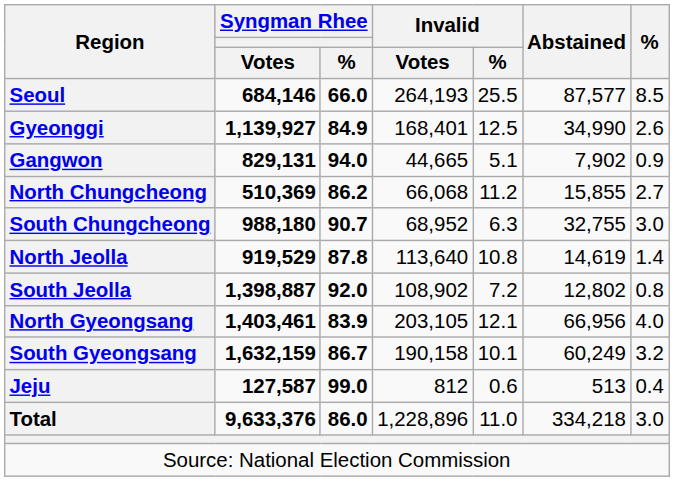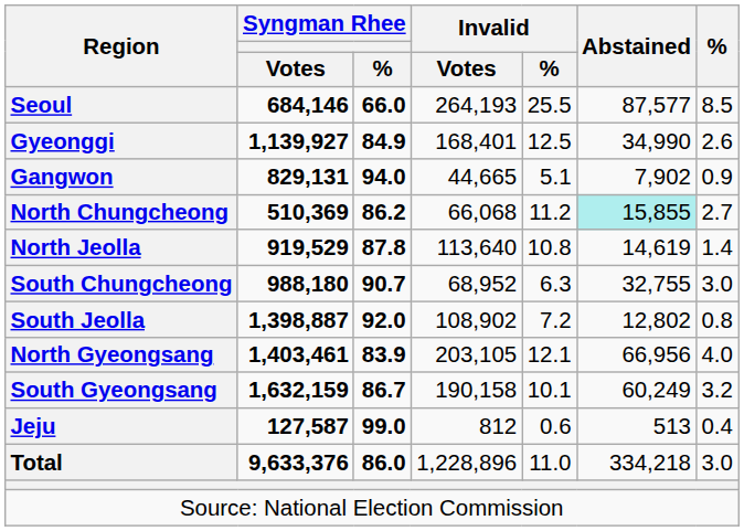 <table class="wikitable unsortable" style="text-align:center; font-size: 0.9em;">
 <tr>
 <th rowspan="3">Region</th>
 <th colspan="2"><a href='#'>Syngman Rhee</a></th>
 <th colspan="2" rowspan="2">Invalid</th>
 <th rowspan="3">Abstained</th>
 <th rowspan="3">%</th>
 </tr>
 <tr>
 <th colspan="2" style="background:"></th>
 </tr>
 <tr>
 <th>Votes</th>
 <th>%</th>
 <th>Votes</th>
 <th>%</th>
 </tr>
 <tr>
 <th style="text-align: left;"><a href='#'>Seoul</a></th>
 <td align="right"><strong>684,146</strong></td>
 <td align="right"><strong>66.0</strong></td>
 <td align="right">264,193</td>
 <td align="right">25.5</td>
 <td align="right">87,577</td>
 <td align="right">8.5</td>
 </tr>
 <tr>
 <th style="text-align: left;"><a href='#'>Gyeonggi</a></th>
 <td align="right"><strong>1,139,927</strong></td>
 <td align="right"><strong>84.9</strong></td>
 <td align="right">168,401</td>
 <td align="right">12.5</td>
 <td align="right">34,990</td>
 <td align="right">2.6</td>
 </tr>
 <tr>
 <th style="text-align: left;"><a href='#'>Gangwon</a></th>
 <td align="right"><strong>829,131</strong></td>
 <td align="right"><strong>94.0</strong></td>
 <td align="right">44,665</td>
 <td align="right">5.1</td>
 <td align="right">7,902</td>
 <td align="right">0.9</td>
 </tr>
 <tr>
 <th style="text-align: left;"><a href='#'>North Chungcheong</a></th>
 <td align="right"><strong>510,369</strong></td>
 <td align="right"><strong>86.2</strong></td>
 <td align="right">66,068</td>
 <td align="right">11.2</td>
-<td align="right">15,855</td>
+<td align="right" style="background: paleturquoise;">15,855</td>
 <td align="right">2.7</td>
+</tr>
+<tr>
+<th style="text-align: left;"><a href='#'>North Jeolla</a></th>
+<td align="right"><strong>919,529</strong></td>
+<td align="right"><strong>87.8</strong></td>
+<td align="right">113,640</td>
+<td align="right">10.8</td>
+<td align="right">14,619</td>
+<td align="right">1.4</td>
 </tr>
 <tr>
 <th style="text-align: left;"><a href='#'>South Chungcheong</a></th>
 <td align="right"><strong>988,180</strong></td>
 <td align="right"><strong>90.7</strong></td>
 <td align="right">68,952</td>
 <td align="right">6.3</td>
 <td align="right">32,755</td>
 <td align="right">3.0</td>
-</tr>
-<tr>
-<th style="text-align: left;"><a href='#'>North Jeolla</a></th>
-<td align="right"><strong>919,529</strong></td>
-<td align="right"><strong>87.8</strong></td>
-<td align="right">113,640</td>
-<td align="right">10.8</td>
-<td align="right">14,619</td>
-<td align="right">1.4</td>
 </tr>
 <tr>
 <th style="text-align: left;"><a href='#'>South Jeolla</a></th>
 <td align="right"><strong>1,398,887</strong></td>
 <td align="right"><strong>92.0</strong></td>
 <td align="right">108,902</td>
 <td align="right">7.2</td>
 <td align="right">12,802</td>
 <td align="right">0.8</td>
 </tr>
 <tr>
 <th style="text-align: left;"><a href='#'>North Gyeongsang</a></th>
 <td align="right"><strong>1,403,461</strong></td>
 <td align="right"><strong>83.9</strong></td>
 <td align="right">203,105</td>
 <td align="right">12.1</td>
 <td align="right">66,956</td>
 <td align="right">4.0</td>
 </tr>
 <tr>
 <th style="text-align: left;"><a href='#'>South Gyeongsang</a></th>
 <td align="right"><strong>1,632,159</strong></td>
 <td align="right"><strong>86.7</strong></td>
 <td align="right">190,158</td>
 <td align="right">10.1</td>
 <td align="right">60,249</td>
 <td align="right">3.2</td>
 </tr>
 <tr>
 <th style="text-align: left;"><a href='#'>Jeju</a></th>
 <td align="right"><strong>127,587</strong></td>
 <td align="right"><strong>99.0</strong></td>
 <td align="right">812</td>
 <td align="right">0.6</td>
 <td align="right">513</td>
 <td align="right">0.4</td>
 </tr>
 <tr class="sortbottom">
 <th style="text-align: left;">Total</th>
 <td align="right"><strong>9,633,376</strong></td>
 <td align="right"><strong>86.0</strong></td>
 <td align="right">1,228,896</td>
 <td align="right">11.0</td>
 <td align="right">334,218</td>
 <td align="right">3.0</td>
 </tr>
 <tr>
 <th colspan="7"></th>
 </tr>
 <tr>
 <td colspan="7">Source: National Election Commission</td>
 </tr>
 </table>
